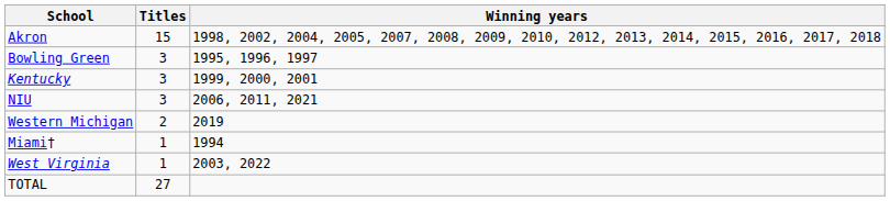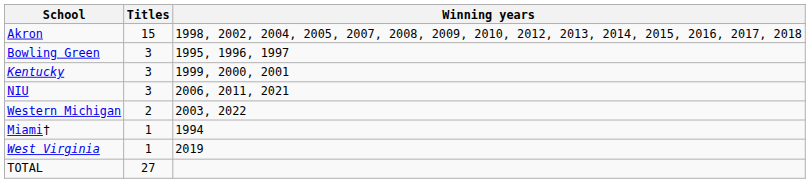 <table class="wikitable">
 <tr>
 <th width=px>School</th>
 <th width=px>Titles</th>
 <th width=px>Winning years</th>
 </tr>
 <tr>
 <td><a href='#'>Akron</a></td>
 <td align=center>15</td>
 <td>1998, 2002, 2004, 2005, 2007, 2008, 2009, 2010, 2012, 2013, 2014, 2015, 2016, 2017, 2018</td>
 </tr>
 <tr>
 <td><a href='#'>Bowling Green</a></td>
 <td align=center>3</td>
 <td>1995, 1996, 1997</td>
 </tr>
 <tr>
 <td><em><a href='#'>Kentucky</a></em></td>
 <td align=center>3</td>
 <td>1999, 2000, 2001</td>
 </tr>
 <tr>
 <td><a href='#'>NIU</a></td>
 <td align=center>3</td>
 <td>2006, 2011, 2021</td>
 </tr>
 <tr>
 <td><a href='#'>Western Michigan</a></td>
 <td align=center>2</td>
-<td>2019</td>
+<td>2003, 2022</td>
 </tr>
 <tr>
 <td><a href='#'>Miami</a>†</td>
 <td align=center>1</td>
 <td>1994</td>
 </tr>
 <tr>
 <td><em><a href='#'>West Virginia</a></em></td>
 <td align=center>1</td>
-<td>2003, 2022</td>
+<td>2019</td>
 </tr>
 <tr>
 <td>TOTAL</td>
 <td align=center>27</td>
 </tr>
 </table>
